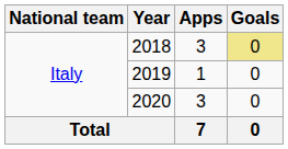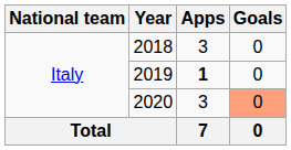 <table class="wikitable" style="text-align:center">
 <tr>
 <th>National team</th>
 <th>Year</th>
 <th>Apps</th>
 <th>Goals</th>
 </tr>
 <tr>
 <td rowspan="3"><a href='#'>Italy</a></td>
 <td>2018</td>
 <td>3</td>
-<td style="background: khaki;">0</td>
+<td>0</td>
 </tr>
 <tr>
 <td>2019</td>
-<td>1</td>
+<td><strong>1</strong></td>
 <td>0</td>
 </tr>
 <tr>
 <td>2020</td>
 <td>3</td>
-<td>0</td>
+<td style="background: lightsalmon;">0</td>
 </tr>
 <tr>
 <th colspan="2">Total</th>
 <th>7</th>
 <th>0</th>
 </tr>
 </table>
